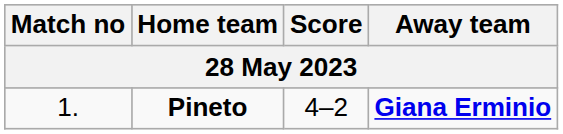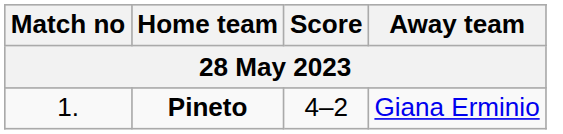 <table class="wikitable" style="text-align: center">
 <tr>
 <th>Match no</th>
 <th>Home team</th>
 <th>Score</th>
 <th>Away team</th>
 </tr>
 <tr>
 <th colspan="4">28 May 2023</th>
 </tr>
 <tr>
 <td>1.</td>
 <td><strong>Pineto</strong></td>
 <td>4–2</td>
-<td><strong><a href='#'>Giana Erminio</a></strong></td>
+<td><a href='#'>Giana Erminio</a></td>
 </tr>
 </table>
